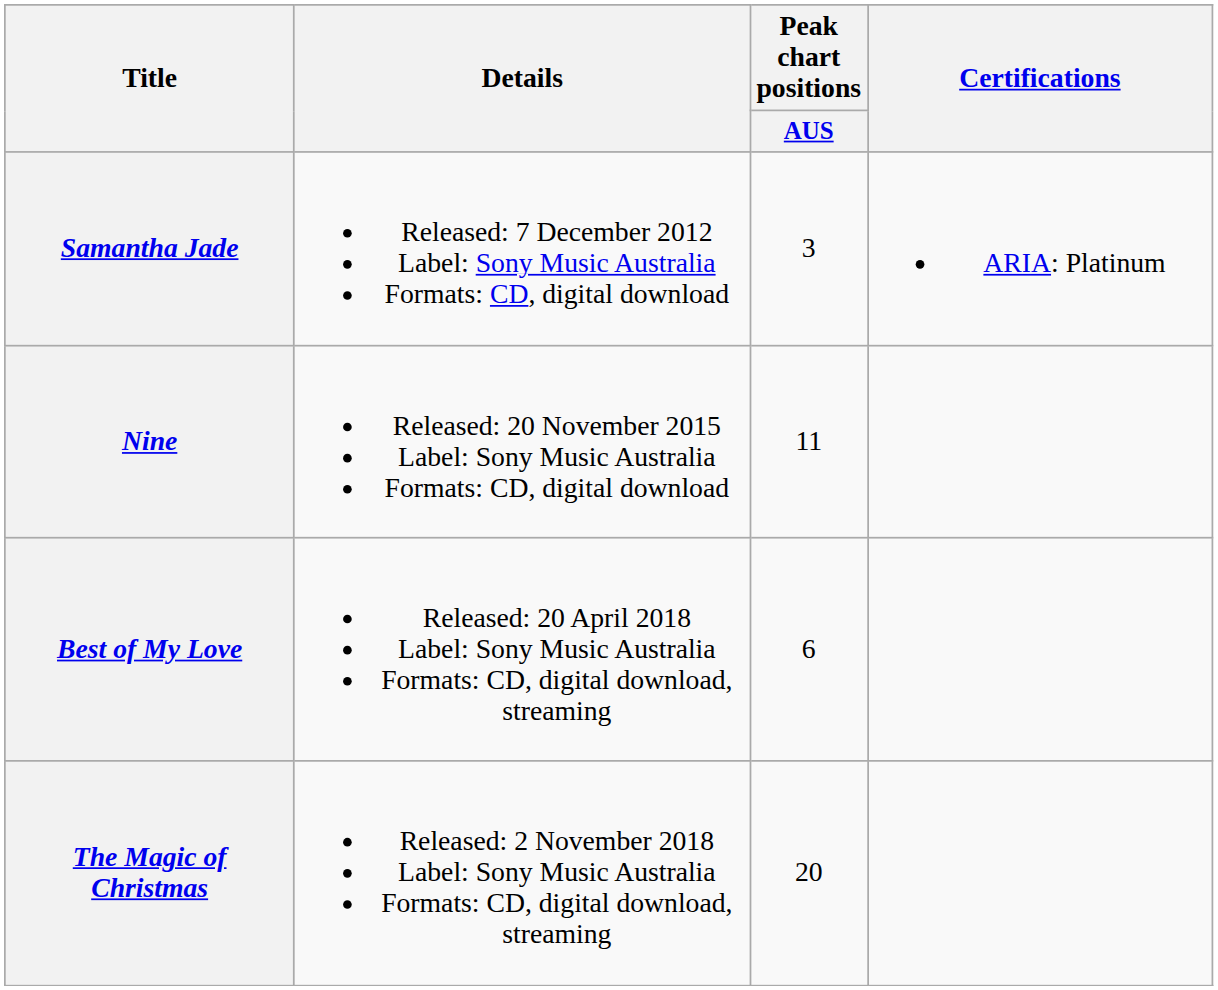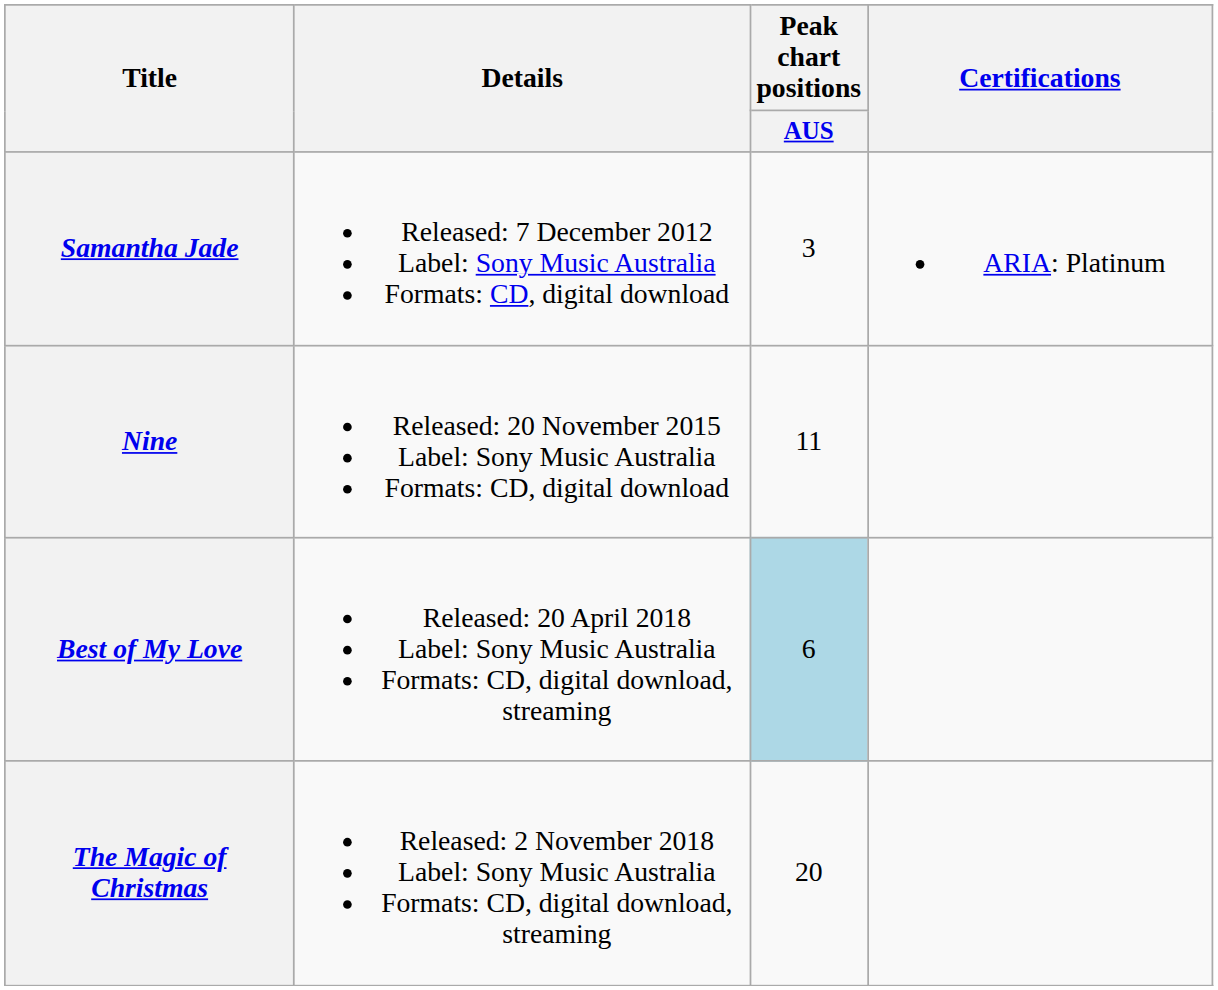 <table class="wikitable plainrowheaders" style="text-align:center;">
 <tr>
 <th scope="col" rowspan="2" style="width:10em;">Title</th>
 <th scope="col" rowspan="2" style="width:16em;">Details</th>
 <th scope="col" colspan="1">Peak chart positions</th>
 <th scope="col" rowspan="2" style="width:12em;"><a href='#'>Certifications</a></th>
 </tr>
 <tr>
 <th scope="col" style="width:2.5em;font-size:90%;"><a href='#'>AUS</a><br></th>
 </tr>
 <tr>
 <th scope="row"><em><a href='#'>Samantha Jade</a></em></th>
 <td><br><ul><li>Released: 7 December 2012</li><li>Label: <a href='#'>Sony Music Australia</a></li><li>Formats: <a href='#'>CD</a>, digital download</li></ul></td>
 <td>3</td>
 <td><br><ul><li><a href='#'>ARIA</a>: Platinum</li></ul></td>
 </tr>
 <tr>
 <th scope="row"><em><a href='#'>Nine</a></em></th>
 <td><br><ul><li>Released: 20 November 2015</li><li>Label: Sony Music Australia</li><li>Formats: CD, digital download</li></ul></td>
 <td>11</td>
 <td></td>
 </tr>
 <tr>
 <th scope="row"><em><a href='#'>Best of My Love</a></em></th>
 <td><br><ul><li>Released: 20 April 2018</li><li>Label: Sony Music Australia</li><li>Formats: CD, digital download, streaming</li></ul></td>
-<td>6</td>
+<td style="background: lightblue;">6</td>
 <td></td>
 </tr>
 <tr>
 <th scope="row"><em><a href='#'>The Magic of Christmas</a></em></th>
 <td><br><ul><li>Released: 2 November 2018</li><li>Label: Sony Music Australia</li><li>Formats: CD, digital download, streaming</li></ul></td>
 <td>20</td>
 <td></td>
 </tr>
 <tr>
 </tr>
 </table>
